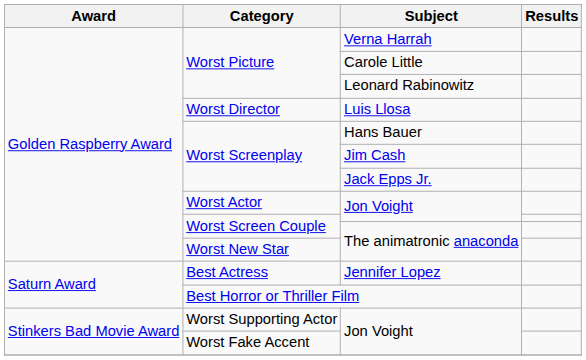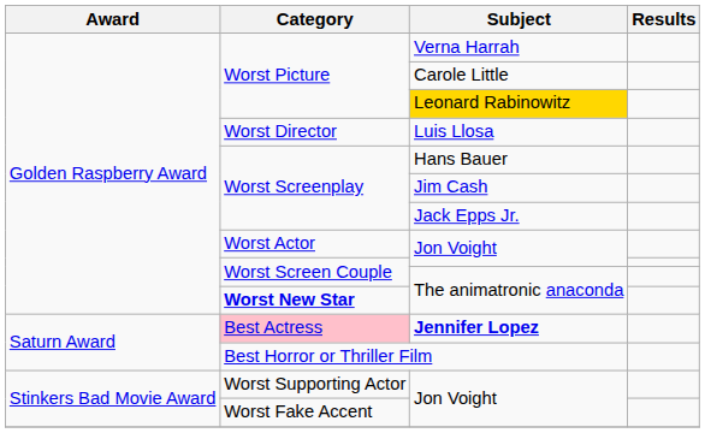 <table class="wikitable">
 <tr>
 <th>Award</th>
 <th>Category</th>
 <th>Subject</th>
 <th>Results</th>
 </tr>
 <tr>
 <td rowspan=11><a href='#'>Golden Raspberry Award</a></td>
 <td rowspan=3><a href='#'>Worst Picture</a></td>
 <td><a href='#'>Verna Harrah</a></td>
 <td></td>
 </tr>
 <tr>
 <td>Carole Little</td>
 <td></td>
 </tr>
 <tr>
-<td>Leonard Rabinowitz</td>
+<td style="background: gold;">Leonard Rabinowitz</td>
 <td></td>
 </tr>
 <tr>
 <td><a href='#'>Worst Director</a></td>
 <td><a href='#'>Luis Llosa</a></td>
 <td></td>
 </tr>
 <tr>
 <td rowspan=3><a href='#'>Worst Screenplay</a></td>
 <td>Hans Bauer</td>
 <td></td>
 </tr>
 <tr>
 <td><a href='#'>Jim Cash</a></td>
 <td></td>
 </tr>
 <tr>
 <td><a href='#'>Jack Epps Jr.</a></td>
 <td></td>
 </tr>
 <tr>
 <td><a href='#'>Worst Actor</a></td>
 <td rowspan=2><a href='#'>Jon Voight</a></td>
 <td></td>
 </tr>
 <tr>
 <td rowspan=2><a href='#'>Worst Screen Couple</a></td>
 <td></td>
 </tr>
 <tr>
 <td rowspan=2>The animatronic <a href='#'>anaconda</a></td>
 <td></td>
 </tr>
 <tr>
-<td><a href='#'>Worst New Star</a></td>
+<td><strong><a href='#'>Worst New Star</a></strong></td>
 <td></td>
 </tr>
 <tr>
 <td rowspan=2><a href='#'>Saturn Award</a></td>
-<td><a href='#'>Best Actress</a></td>
-<td><a href='#'>Jennifer Lopez</a></td>
+<td style="background: pink;"><a href='#'>Best Actress</a></td>
+<td><strong><a href='#'>Jennifer Lopez</a></strong></td>
 <td></td>
 </tr>
 <tr>
 <td colspan=2><a href='#'>Best Horror or Thriller Film</a></td>
 <td></td>
 </tr>
 <tr>
 <td rowspan=2><a href='#'>Stinkers Bad Movie Award</a></td>
 <td>Worst Supporting Actor</td>
 <td rowspan=2>Jon Voight</td>
 <td></td>
 </tr>
 <tr>
 <td>Worst Fake Accent</td>
 <td></td>
 </tr>
 <tr>
 </tr>
 </table>
